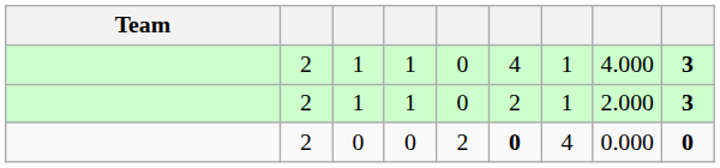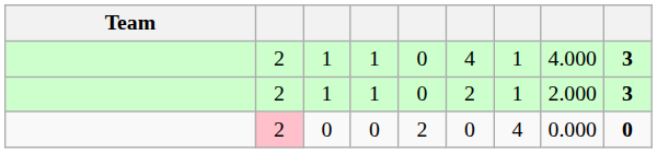 <table class="wikitable" style="text-align: center; font-size:90% ">
 <tr>
 <th width=160>Team</th>
 <th width=25></th>
 <th width=25></th>
 <th width=25></th>
 <th width=25></th>
 <th width=25></th>
 <th width=25></th>
 <th width=35></th>
 <th width=25></th>
 </tr>
 <tr bgcolor=ccffcc>
 <td align=left></td>
 <td>2</td>
 <td>1</td>
 <td>1</td>
 <td>0</td>
 <td>4</td>
 <td>1</td>
 <td>4.000</td>
 <td><strong>3</strong></td>
 </tr>
 <tr bgcolor=ccffcc>
 <td align=left></td>
 <td>2</td>
 <td>1</td>
 <td>1</td>
 <td>0</td>
 <td>2</td>
 <td>1</td>
 <td>2.000</td>
 <td><strong>3</strong></td>
 </tr>
 <tr>
 <td align=left></td>
-<td>2</td>
+<td style="background: pink;">2</td>
 <td>0</td>
 <td>0</td>
 <td>2</td>
-<td><strong>0</strong></td>
+<td>0</td>
 <td>4</td>
 <td>0.000</td>
 <td><strong>0</strong></td>
 </tr>
 </table>
